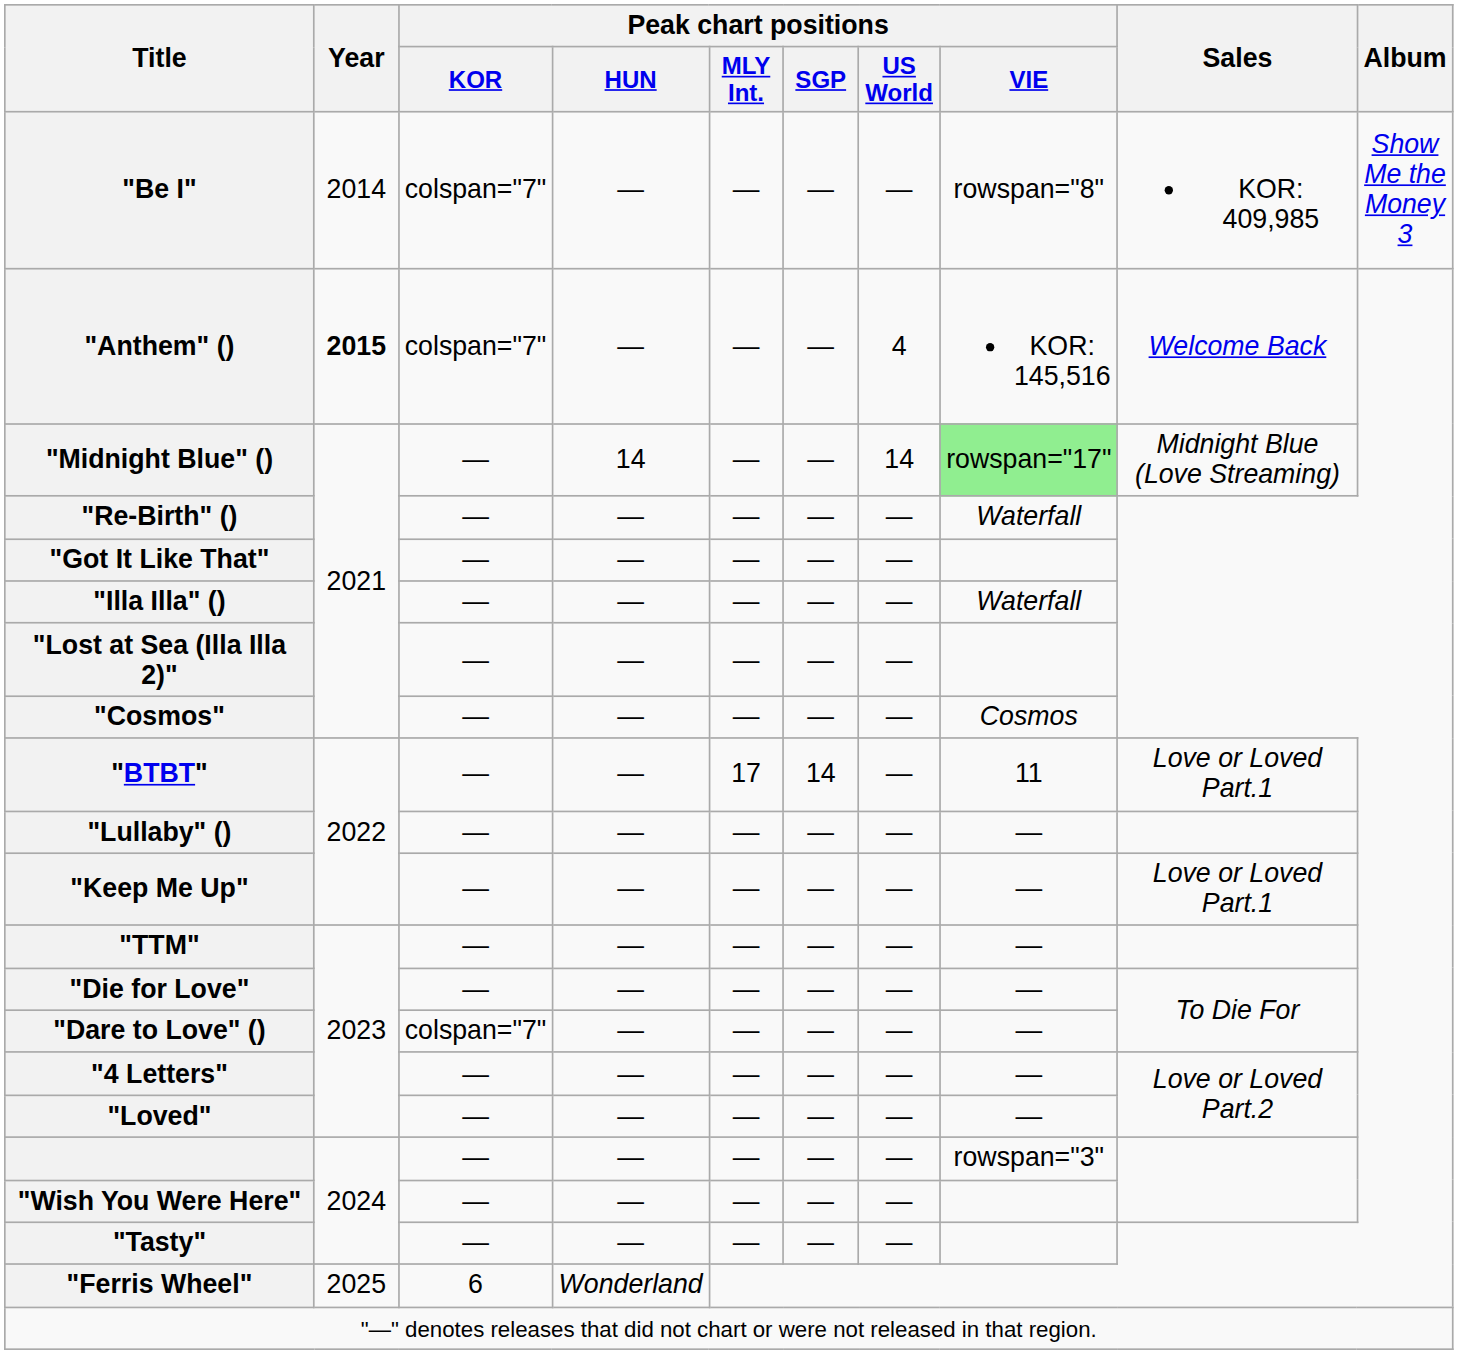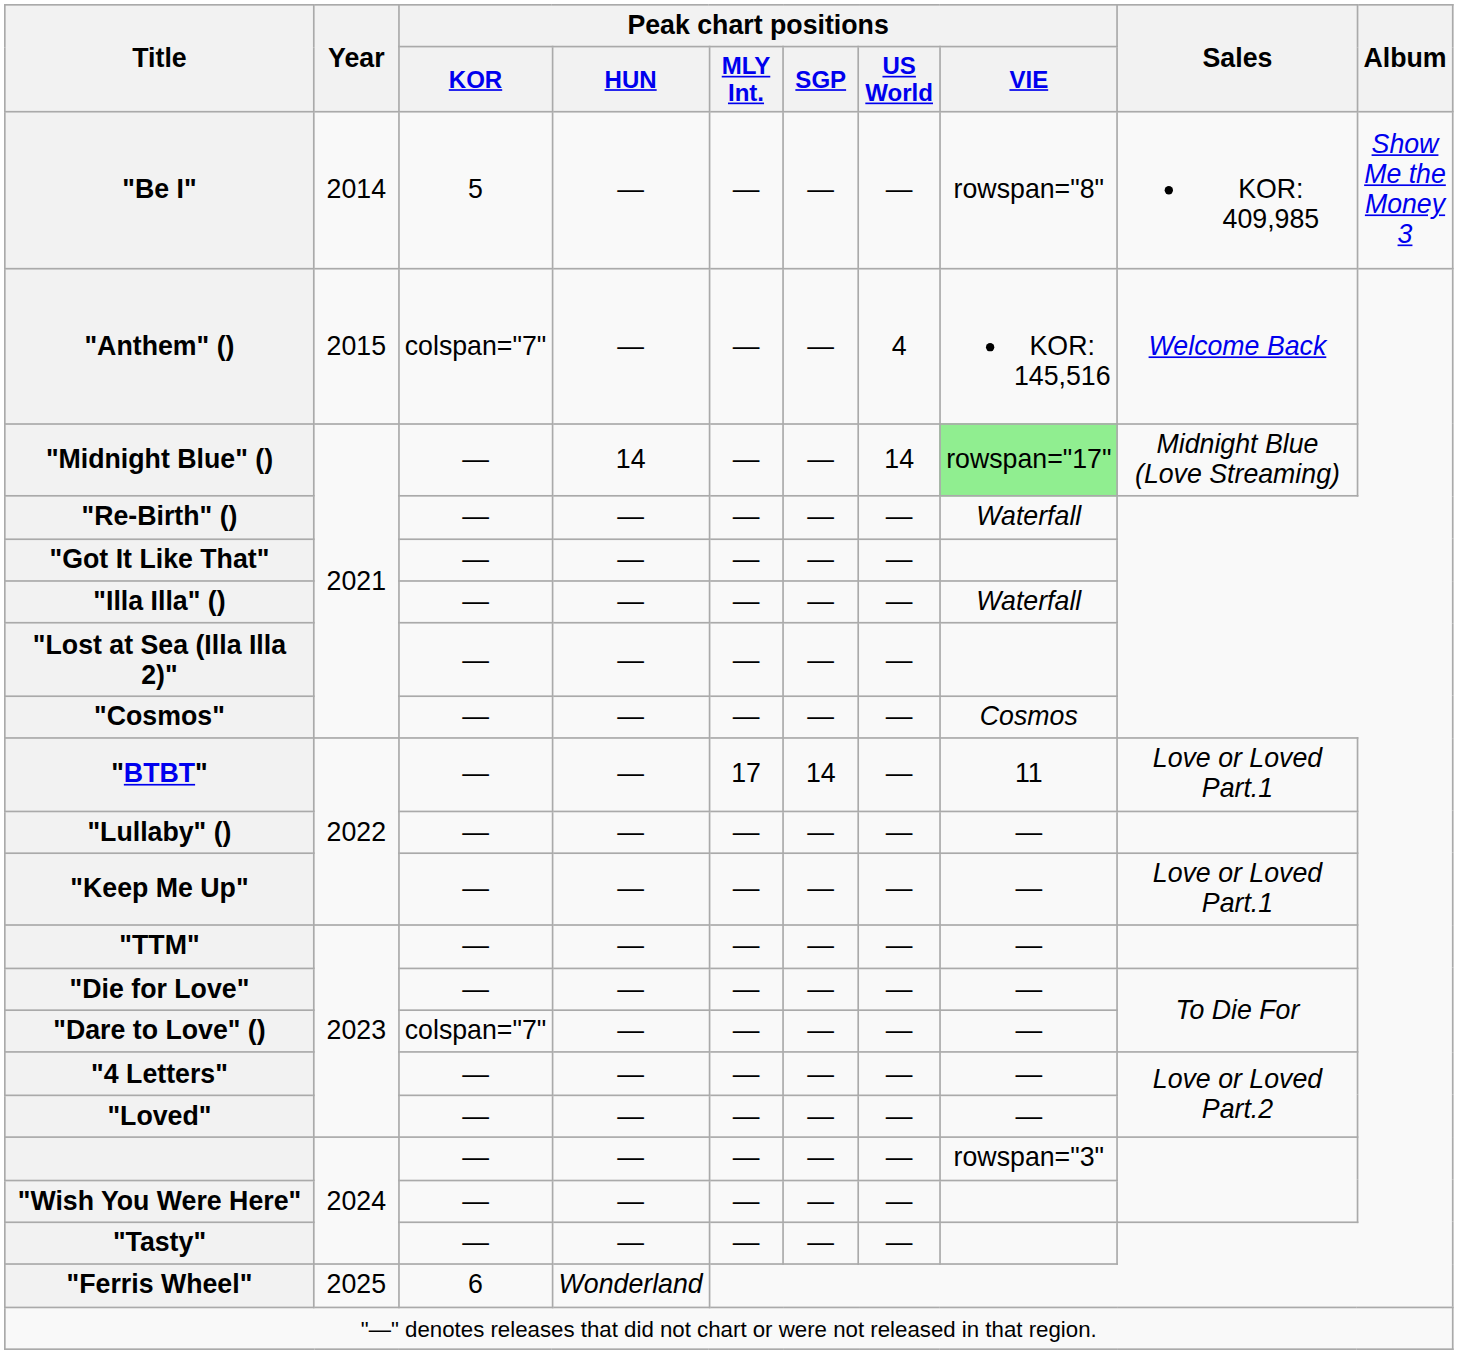 <table class="wikitable plainrowheaders" style="text-align:center;">
 <tr>
 <th scope="col" rowspan="2" style="width:15em;">Title</th>
 <th scope="col" rowspan="2" style="width:3em;">Year</th>
 <th scope="col" colspan="6">Peak chart positions</th>
 <th scope="col" rowspan="2" style="width:10em;">Sales</th>
 <th scope="col" rowspan="2" style="width:18m;">Album</th>
 </tr>
 <tr>
 <th scope="col" style="width:3em;font-size:90%"><a href='#'>KOR</a><br></th>
 <th scope="col" style="width:3em;font-size:90%"><a href='#'>HUN</a><br></th>
 <th scope="col" style="width:3em;font-size:90%"><a href='#'>MLY<br>Int.</a><br></th>
 <th scope="col" style="width:3em;font-size:90%"><a href='#'>SGP</a><br></th>
 <th scope="col" style="width:3em;font-size:90%"><a href='#'>US<br>World</a><br></th>
 <th scope="col" style="width:3em;font-size:90%"><a href='#'>VIE</a><br></th>
 </tr>
 <tr>
 <th scope="row">"Be I"</th>
 <td>2014</td>
-<td>colspan="7" </td>
+<td>5</td>
 <td>—</td>
 <td>—</td>
 <td>—</td>
 <td>—</td>
 <td>rowspan="8" </td>
 <td><br><ul><li>KOR: 409,985</li></ul></td>
 <td><em><a href='#'>Show Me the Money 3</a></em></td>
 </tr>
 <tr>
 <th scope="row">"Anthem" () <br></th>
-<td><strong>2015</strong></td>
+<td>2015</td>
 <td>colspan="7" </td>
 <td>—</td>
 <td>—</td>
 <td>—</td>
 <td>4</td>
 <td><br><ul><li>KOR: 145,516</li></ul></td>
 <td><em><a href='#'>Welcome Back</a></em></td>
 </tr>
 <tr>
 <th scope="row">"Midnight Blue" ()</th>
 <td rowspan="6">2021</td>
 <td>—</td>
 <td>14</td>
 <td>—</td>
 <td>—</td>
 <td>14</td>
 <td style="background: lightgreen;">rowspan="17" </td>
 <td><em>Midnight Blue (Love Streaming)</em></td>
 </tr>
 <tr>
 <th scope="row">"Re-Birth" ()</th>
 <td>—</td>
 <td>—</td>
 <td>—</td>
 <td>—</td>
 <td>—</td>
 <td><em>Waterfall</em></td>
 </tr>
 <tr>
 <th scope="row">"Got It Like That" <br></th>
 <td>—</td>
 <td>—</td>
 <td>—</td>
 <td>—</td>
 <td>—</td>
 <td></td>
 </tr>
 <tr>
 <th scope="row">"Illa Illa" ()</th>
 <td>—</td>
 <td>—</td>
 <td>—</td>
 <td>—</td>
 <td>—</td>
 <td><em>Waterfall</em></td>
 </tr>
 <tr>
 <th scope="row">"Lost at Sea (Illa Illa 2)" <br></th>
 <td>—</td>
 <td>—</td>
 <td>—</td>
 <td>—</td>
 <td>—</td>
 <td></td>
 </tr>
 <tr>
 <th scope="row">"Cosmos"</th>
 <td>—</td>
 <td>—</td>
 <td>—</td>
 <td>—</td>
 <td>—</td>
 <td><em>Cosmos</em></td>
 </tr>
 <tr>
 <th scope="row">"<a href='#'>BTBT</a>" <br></th>
 <td rowspan="3">2022</td>
 <td>—</td>
 <td>—</td>
 <td>17</td>
 <td>14</td>
 <td>—</td>
 <td>11</td>
 <td><em>Love or Loved Part.1</em></td>
 </tr>
 <tr>
 <th scope="row">"Lullaby" () <br></th>
 <td>—</td>
 <td>—</td>
 <td>—</td>
 <td>—</td>
 <td>—</td>
 <td>—</td>
 <td></td>
 </tr>
 <tr>
 <th scope="row">"Keep Me Up"</th>
 <td>—</td>
 <td>—</td>
 <td>—</td>
 <td>—</td>
 <td>—</td>
 <td>—</td>
 <td><em>Love or Loved Part.1</em></td>
 </tr>
 <tr>
 <th scope="row">"TTM" <br></th>
 <td rowspan="5">2023</td>
 <td>—</td>
 <td>—</td>
 <td>—</td>
 <td>—</td>
 <td>—</td>
 <td>—</td>
 <td></td>
 </tr>
 <tr>
 <th scope="row">"Die for Love" <br></th>
 <td>—</td>
 <td>—</td>
 <td>—</td>
 <td>—</td>
 <td>—</td>
 <td>—</td>
 <td rowspan="2"><em>To Die For</em></td>
 </tr>
 <tr>
 <th scope="row">"Dare to Love" ()<br></th>
 <td>colspan="7" </td>
 <td>—</td>
 <td>—</td>
 <td>—</td>
 <td>—</td>
 <td>—</td>
 </tr>
 <tr>
 <th scope="row">"4 Letters" <br></th>
 <td>—</td>
 <td>—</td>
 <td>—</td>
 <td>—</td>
 <td>—</td>
 <td>—</td>
 <td rowspan="2"><em>Love or Loved Part.2</em></td>
 </tr>
 <tr>
 <th scope="row">"Loved"</th>
 <td>—</td>
 <td>—</td>
 <td>—</td>
 <td>—</td>
 <td>—</td>
 <td>—</td>
 </tr>
 <tr>
 <th scope="row"></th>
 <td rowspan="3">2024</td>
 <td>—</td>
 <td>—</td>
 <td>—</td>
 <td>—</td>
 <td>—</td>
 <td>rowspan="3" </td>
 <td rowspan="2"></td>
 </tr>
 <tr>
 <th scope="row">"Wish You Were Here"</th>
 <td>—</td>
 <td>—</td>
 <td>—</td>
 <td>—</td>
 <td>—</td>
 </tr>
 <tr>
 <th scope="row">"Tasty"</th>
 <td>—</td>
 <td>—</td>
 <td>—</td>
 <td>—</td>
 <td>—</td>
 <td></td>
 </tr>
 <tr>
 <th scope="row">"Ferris Wheel"<br></th>
 <td>2025</td>
 <td>6</td>
 <td><em>Wonderland</em></td>
 </tr>
 <tr>
 <td colspan="10"><small>"—" denotes releases that did not chart or were not released in that region.</small></td>
 </tr>
 </table>
